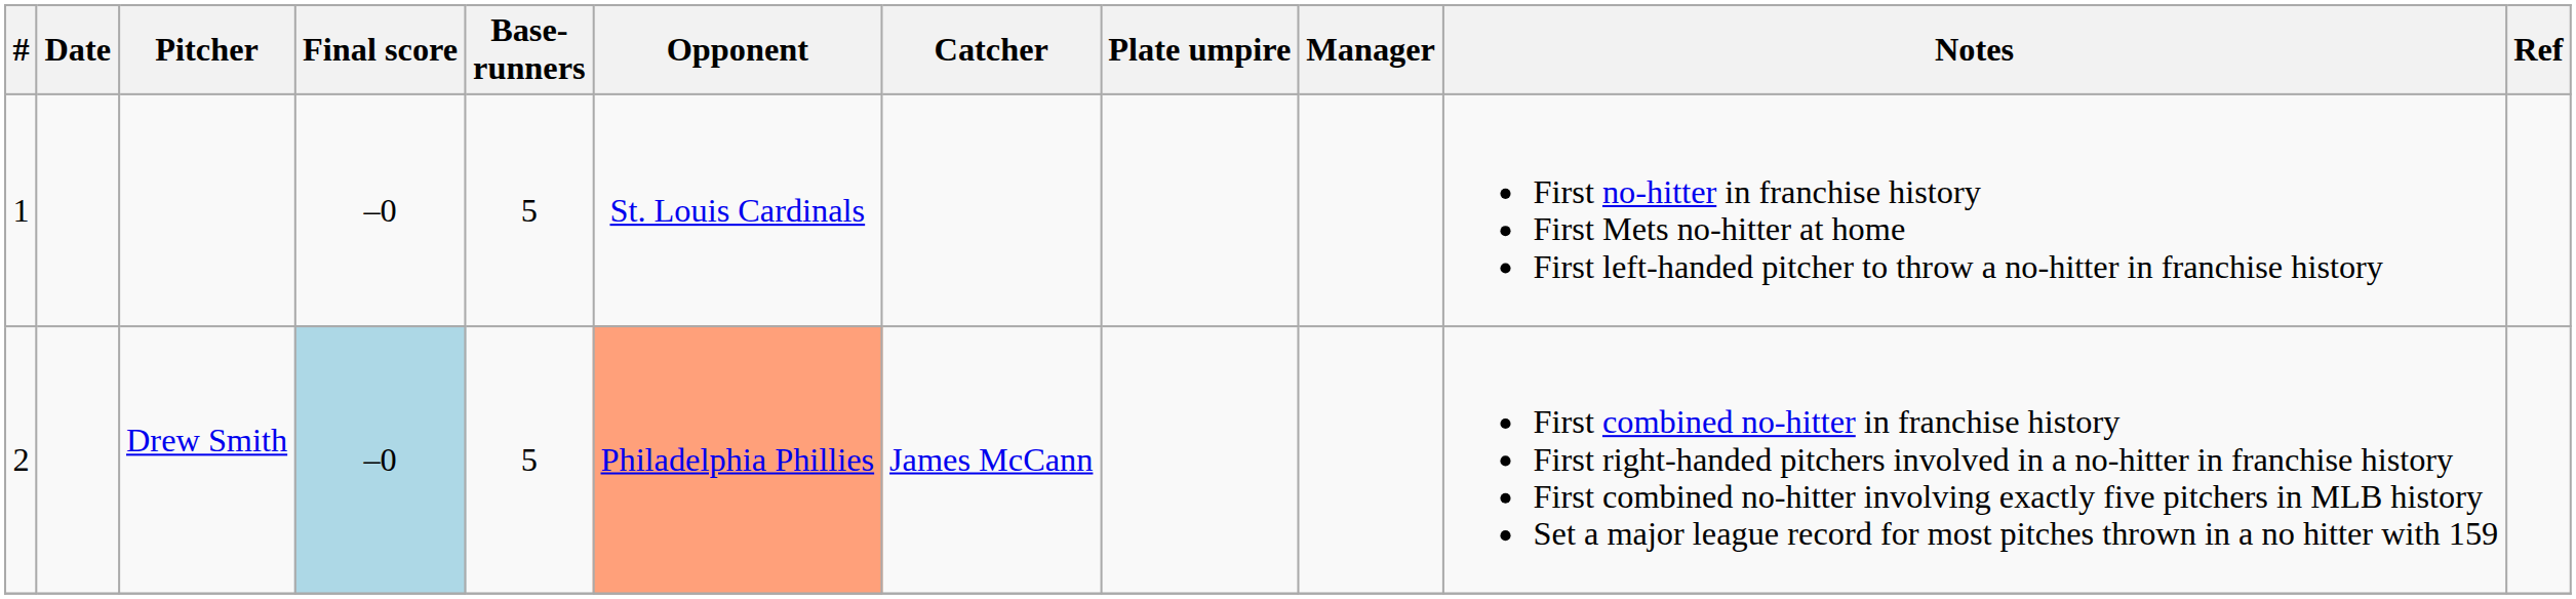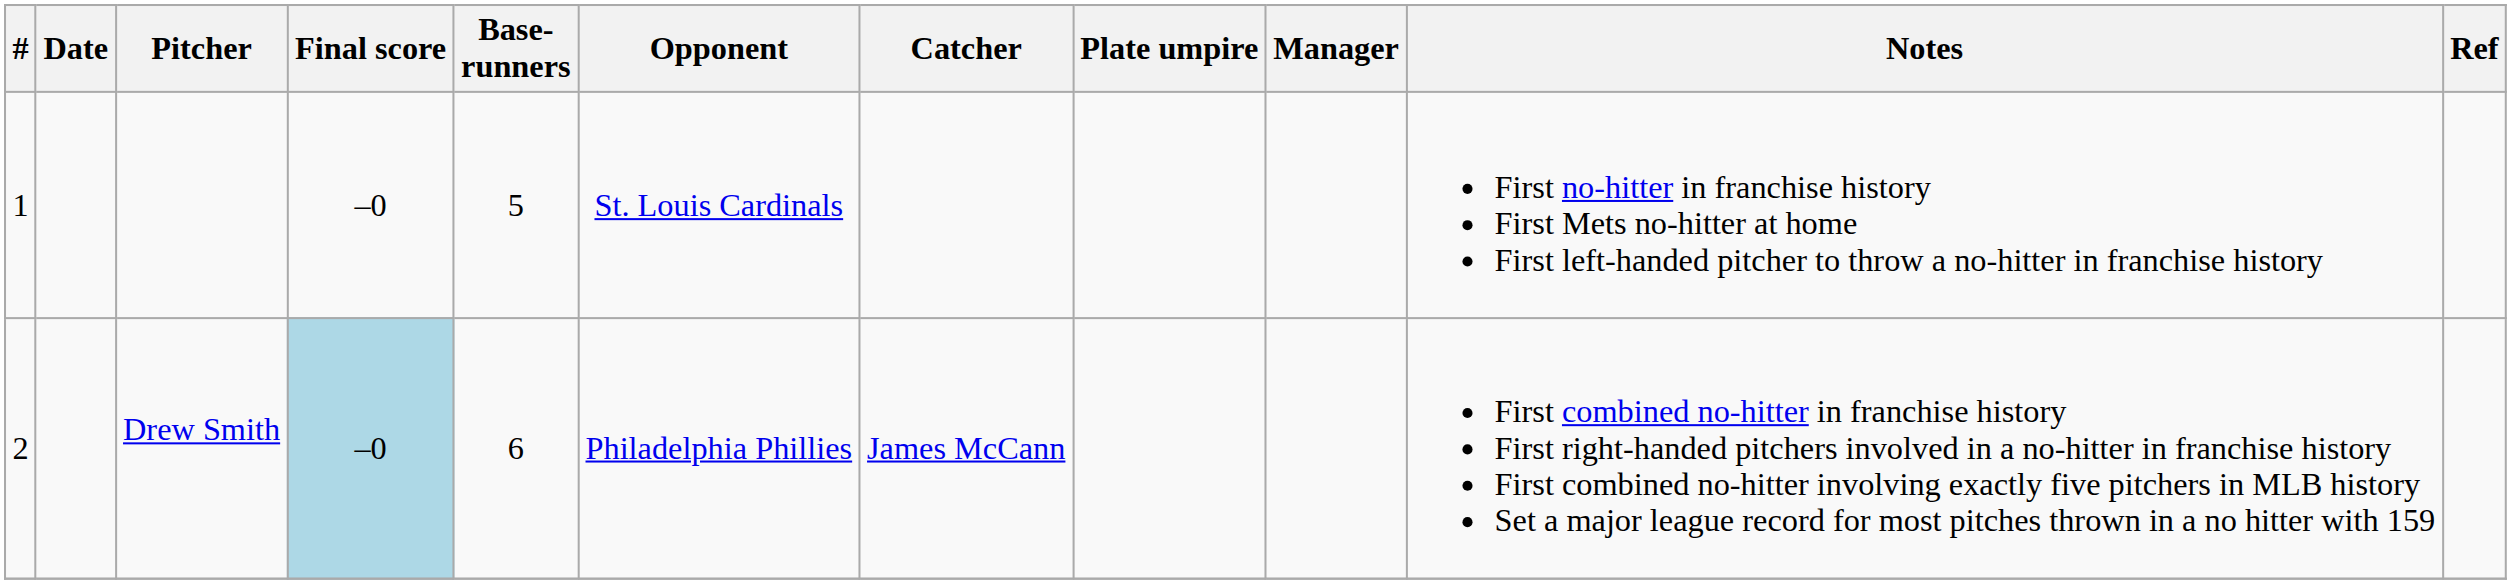 <table class="wikitable sortable" style="text-align:center" border="1">
 <tr>
 <th>#</th>
 <th>Date</th>
 <th>Pitcher</th>
 <th>Final score</th>
 <th>Base-<br>runners</th>
 <th>Opponent</th>
 <th>Catcher</th>
 <th>Plate umpire</th>
 <th>Manager</th>
 <th class="unsortable">Notes</th>
 <th class="unsortable">Ref</th>
 </tr>
 <tr>
 <td>1</td>
 <td></td>
 <td></td>
 <td>–0</td>
 <td>5</td>
 <td><a href='#'>St. Louis Cardinals</a></td>
 <td></td>
 <td></td>
 <td></td>
 <td align="left"><br><ul><li>First <a href='#'>no-hitter</a> in franchise history</li><li>First Mets no-hitter at home</li><li>First left-handed pitcher to throw a no-hitter in franchise history</li></ul></td>
 <td></td>
 </tr>
 <tr>
 <td>2</td>
 <td></td>
 <td>  <br><a href='#'>Drew Smith</a>  <br>  <br>  <br> </td>
 <td style="background: lightblue;">–0</td>
-<td>5</td>
-<td style="background: lightsalmon;"><a href='#'>Philadelphia Phillies</a></td>
+<td>6</td>
+<td><a href='#'>Philadelphia Phillies</a></td>
 <td><a href='#'>James McCann</a></td>
 <td></td>
 <td></td>
 <td align="left"><br><ul><li>First <a href='#'>combined no-hitter</a> in franchise history</li><li>First right-handed pitchers involved in a no-hitter in franchise history</li><li>First combined no-hitter involving exactly five pitchers in MLB history</li><li>Set a major league record for most pitches thrown in a no hitter with 159</li></ul></td>
 <td></td>
 </tr>
 <tr>
 </tr>
 </table>
